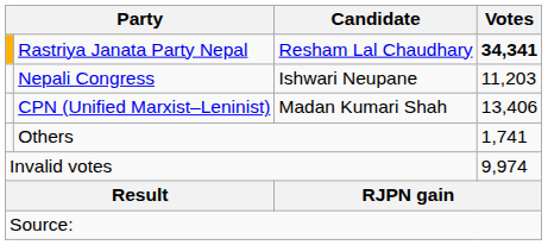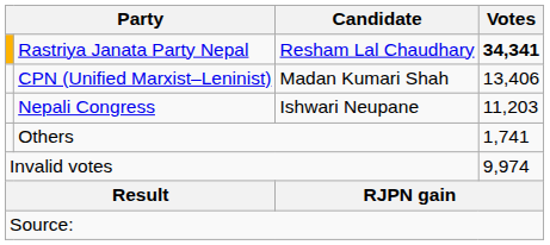 <table class="wikitable">
 <tr>
 <th colspan="2">Party</th>
 <th>Candidate</th>
 <th>Votes</th>
 </tr>
 <tr>
 <td style="background-color:#ffb300"></td>
 <td><a href='#'>Rastriya Janata Party Nepal</a></td>
 <td><a href='#'>Resham Lal Chaudhary</a></td>
 <td><strong>34,341</strong></td>
 </tr>
 <tr>
 <td style="background-color:"></td>
+<td><a href='#'>CPN (Unified Marxist–Leninist)</a></td>
+<td>Madan Kumari Shah</td>
+<td>13,406</td>
+</tr>
+<tr>
+<td style="background-color:"></td>
 <td><a href='#'>Nepali Congress</a></td>
 <td>Ishwari Neupane</td>
 <td>11,203</td>
-</tr>
-<tr>
-<td style="background-color:"></td>
-<td><a href='#'>CPN (Unified Marxist–Leninist)</a></td>
-<td>Madan Kumari Shah</td>
-<td>13,406</td>
 </tr>
 <tr>
 <td></td>
 <td colspan="2">Others</td>
 <td>1,741</td>
 </tr>
 <tr>
 <td colspan="3">Invalid votes</td>
 <td>9,974</td>
 </tr>
 <tr>
 <th colspan="2">Result</th>
 <th colspan="2">RJPN gain</th>
 </tr>
 <tr>
 <td colspan="4">Source: </td>
 </tr>
 </table>
